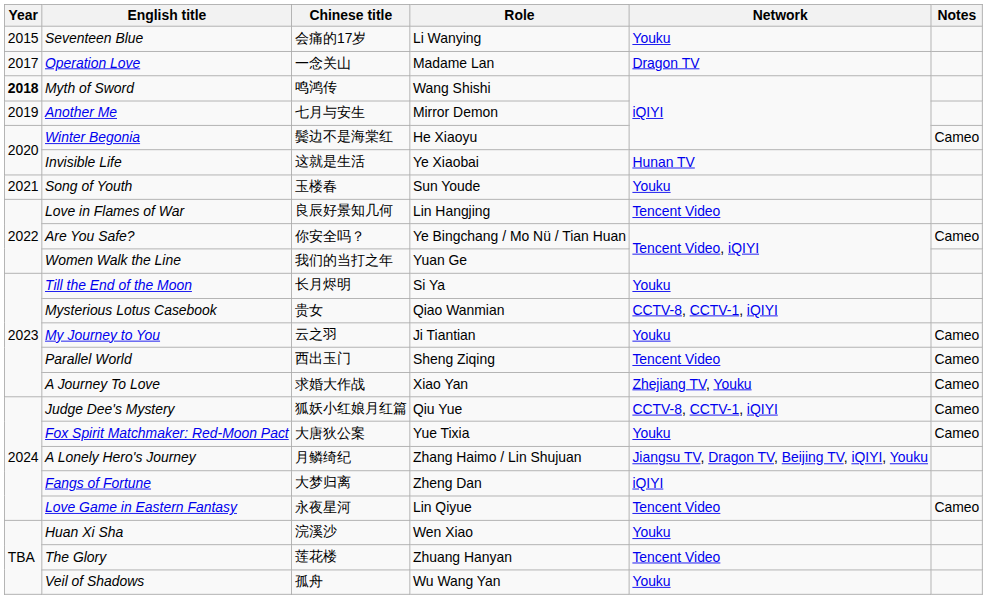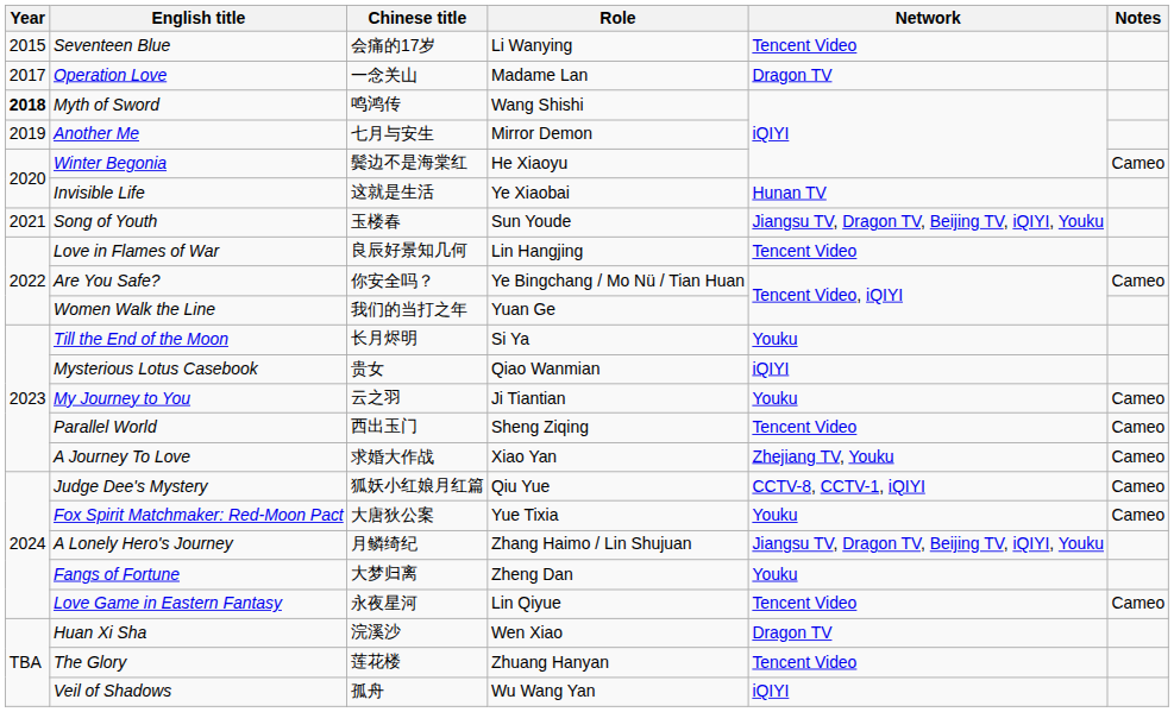 <table class="wikitable">
 <tr>
 <th width=10>Year</th>
 <th>English title</th>
 <th>Chinese title</th>
 <th>Role</th>
 <th>Network</th>
 <th>Notes</th>
 </tr>
 <tr>
 <td>2015</td>
 <td><em>Seventeen Blue</em></td>
 <td>会痛的17岁</td>
 <td>Li Wanying</td>
-<td><a href='#'>Youku</a></td>
+<td><a href='#'>Tencent Video</a></td>
 <td></td>
 </tr>
 <tr>
 <td>2017</td>
 <td><em><a href='#'>Operation Love</a></em></td>
 <td>一念关山</td>
 <td>Madame Lan</td>
 <td><a href='#'>Dragon TV</a></td>
 <td></td>
 </tr>
 <tr>
 <td><strong>2018</strong></td>
 <td><em>Myth of Sword</em></td>
 <td>鸣鸿传</td>
 <td>Wang Shishi</td>
 <td rowspan=3><a href='#'>iQIYI</a></td>
 <td></td>
 </tr>
 <tr>
 <td>2019</td>
 <td><em><a href='#'>Another Me</a></em></td>
 <td>七月与安生</td>
 <td>Mirror Demon</td>
 <td></td>
 </tr>
 <tr>
 <td rowspan=2>2020</td>
 <td><em><a href='#'>Winter Begonia</a></em></td>
 <td>鬓边不是海棠红</td>
 <td>He Xiaoyu</td>
 <td>Cameo</td>
 </tr>
 <tr>
 <td><em>Invisible Life</em></td>
 <td>这就是生活</td>
 <td>Ye Xiaobai</td>
 <td><a href='#'>Hunan TV</a></td>
 <td></td>
 </tr>
 <tr>
 <td>2021</td>
 <td><em>Song of Youth</em></td>
 <td>玉楼春</td>
 <td>Sun Youde</td>
-<td><a href='#'>Youku</a></td>
+<td><a href='#'>Jiangsu TV</a>, <a href='#'>Dragon TV</a>, <a href='#'>Beijing TV</a>, <a href='#'>iQIYI</a>, <a href='#'>Youku</a></td>
 <td></td>
 </tr>
 <tr>
 <td rowspan="3">2022</td>
 <td><em>Love in Flames of War</em></td>
 <td>良辰好景知几何</td>
 <td>Lin Hangjing</td>
 <td><a href='#'>Tencent Video</a></td>
 <td></td>
 </tr>
 <tr>
 <td><em>Are You Safe?</em></td>
 <td>你安全吗？</td>
 <td>Ye Bingchang / Mo Nü / Tian Huan</td>
 <td rowspan="2"><a href='#'>Tencent Video</a>, <a href='#'>iQIYI</a></td>
 <td>Cameo</td>
 </tr>
 <tr>
 <td><em>Women Walk the Line</em></td>
 <td>我们的当打之年</td>
 <td>Yuan Ge</td>
 <td></td>
 </tr>
 <tr>
 <td rowspan="5">2023</td>
 <td><em><a href='#'>Till the End of the Moon</a></em></td>
 <td>长月烬明</td>
 <td>Si Ya</td>
 <td><a href='#'>Youku</a></td>
 <td></td>
 </tr>
 <tr>
 <td><em>Mysterious Lotus Casebook</em></td>
 <td>贵女</td>
 <td>Qiao Wanmian</td>
-<td><a href='#'>CCTV-8</a>, <a href='#'>CCTV-1</a>, <a href='#'>iQIYI</a></td>
+<td><a href='#'>iQIYI</a></td>
 <td></td>
 </tr>
 <tr>
 <td><em><a href='#'>My Journey to You</a></em></td>
 <td>云之羽</td>
 <td>Ji Tiantian</td>
 <td><a href='#'>Youku</a></td>
 <td>Cameo</td>
 </tr>
 <tr>
 <td><em>Parallel World</em></td>
 <td>西出玉门</td>
 <td>Sheng Ziqing</td>
 <td><a href='#'>Tencent Video</a></td>
 <td>Cameo</td>
 </tr>
 <tr>
 <td><em>A Journey To Love</em></td>
 <td>求婚大作战</td>
 <td>Xiao Yan</td>
 <td><a href='#'>Zhejiang TV</a>, <a href='#'>Youku</a></td>
 <td>Cameo</td>
 </tr>
 <tr>
 <td rowspan="5">2024</td>
 <td><em>Judge Dee's Mystery</em></td>
 <td>狐妖小红娘月红篇</td>
 <td>Qiu Yue</td>
 <td><a href='#'>CCTV-8</a>, <a href='#'>CCTV-1</a>, <a href='#'>iQIYI</a></td>
 <td>Cameo</td>
 </tr>
 <tr>
 <td><em><a href='#'>Fox Spirit Matchmaker: Red-Moon Pact</a></em></td>
 <td>大唐狄公案</td>
 <td>Yue Tixia</td>
 <td><a href='#'>Youku</a></td>
 <td>Cameo</td>
 </tr>
 <tr>
 <td><em>A Lonely Hero's Journey</em></td>
 <td>月鳞绮纪</td>
 <td>Zhang Haimo / Lin Shujuan</td>
 <td><a href='#'>Jiangsu TV</a>, <a href='#'>Dragon TV</a>, <a href='#'>Beijing TV</a>, <a href='#'>iQIYI</a>, <a href='#'>Youku</a></td>
 <td></td>
 </tr>
 <tr>
 <td><em><a href='#'>Fangs of Fortune</a></em></td>
 <td>大梦归离</td>
 <td>Zheng Dan</td>
-<td><a href='#'>iQIYI</a></td>
+<td><a href='#'>Youku</a></td>
 <td></td>
 </tr>
 <tr>
 <td><em><a href='#'>Love Game in Eastern Fantasy</a></em></td>
 <td>永夜星河</td>
 <td>Lin Qiyue</td>
 <td><a href='#'>Tencent Video</a></td>
 <td>Cameo</td>
 </tr>
 <tr>
 <td rowspan="3">TBA</td>
 <td><em>Huan Xi Sha</em></td>
 <td>浣溪沙</td>
 <td>Wen Xiao</td>
-<td><a href='#'>Youku</a></td>
+<td><a href='#'>Dragon TV</a></td>
 <td></td>
 </tr>
 <tr>
 <td><em>The Glory</em></td>
 <td>莲花楼</td>
 <td>Zhuang Hanyan</td>
 <td><a href='#'>Tencent Video</a></td>
 <td></td>
 </tr>
 <tr>
 <td><em>Veil of Shadows</em></td>
 <td>孤舟</td>
 <td>Wu Wang Yan</td>
-<td><a href='#'>Youku</a></td>
+<td><a href='#'>iQIYI</a></td>
 <td></td>
 </tr>
 </table>
